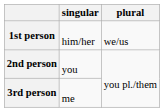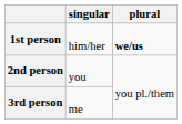 <table class="wikitable" style="text‐align:center">
 <tr>
 <th></th>
 <th>singular</th>
 <th>plural</th>
 </tr>
 <tr ‐>
 <th>1st person</th>
 <td><br>him/her</td>
-<td><br>we/us</td>
+<td><strong><br>we/us</strong></td>
 </tr>
 <tr ‐>
 <th>2nd person</th>
 <td><br>you</td>
 <td rowspan=2><br>you pl./them</td>
 </tr>
 <tr ‐>
 <th>3rd person</th>
 <td><br>me</td>
 </tr>
 </table>
